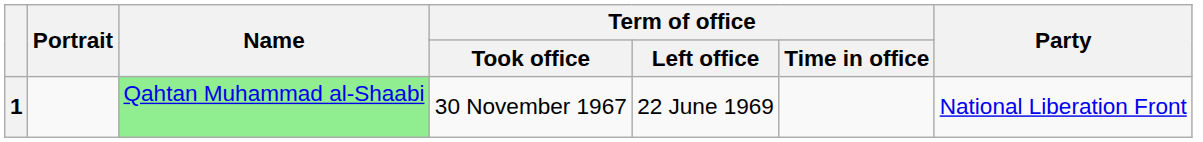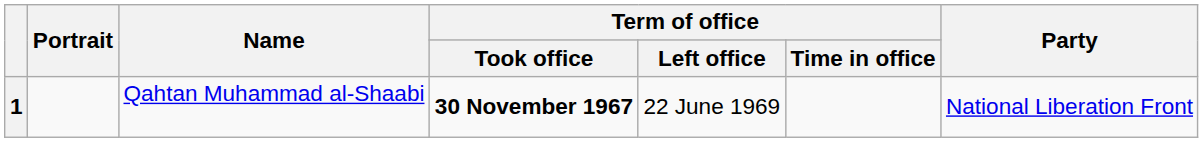 <table class="wikitable" style="text-align:center">
 <tr>
 <th rowspan=2></th>
 <th rowspan=2>Portrait</th>
 <th rowspan=2>Name<br></th>
 <th colspan=3>Term of office</th>
 <th rowspan=2>Party</th>
 </tr>
 <tr>
 <th>Took office</th>
 <th>Left office</th>
 <th>Time in office</th>
 </tr>
 <tr>
 <th style="background:">1</th>
 <td></td>
-<td rowspan="1" style="background: lightgreen;"><a href='#'>Qahtan Muhammad al-Shaabi</a><br><br></td>
-<td rowspan="1">30 November 1967<br></td>
+<td rowspan="1"><a href='#'>Qahtan Muhammad al-Shaabi</a><br><br></td>
+<td rowspan="1"><strong>30 November 1967<br></strong></td>
 <td rowspan="1">22 June 1969<br></td>
 <td rowspan="1"></td>
 <td rowspan="1"><a href='#'>National Liberation Front</a><br></td>
 </tr>
 </table>
